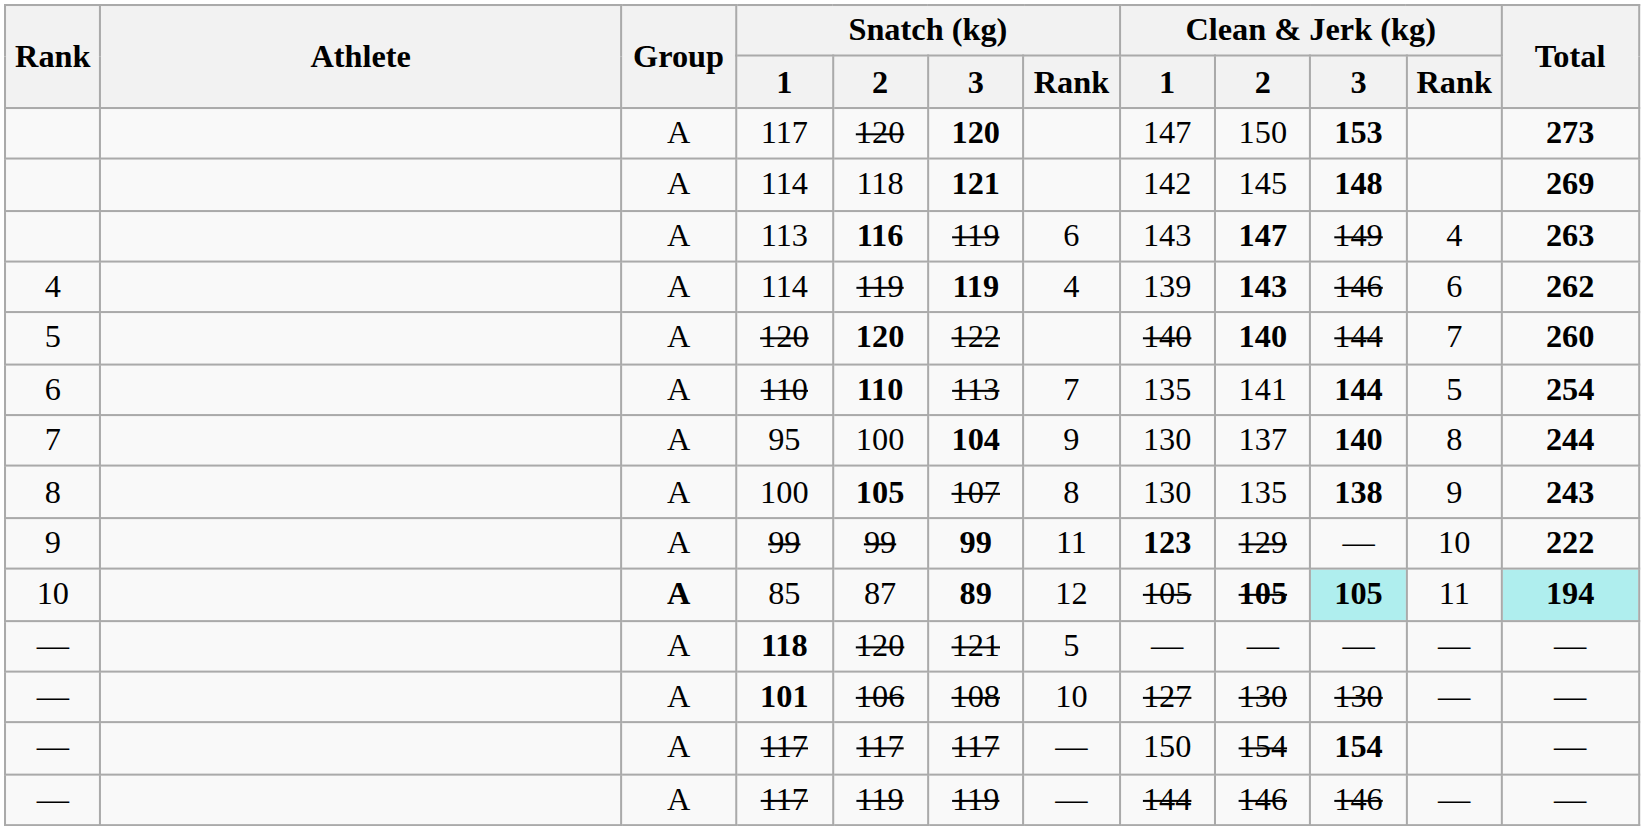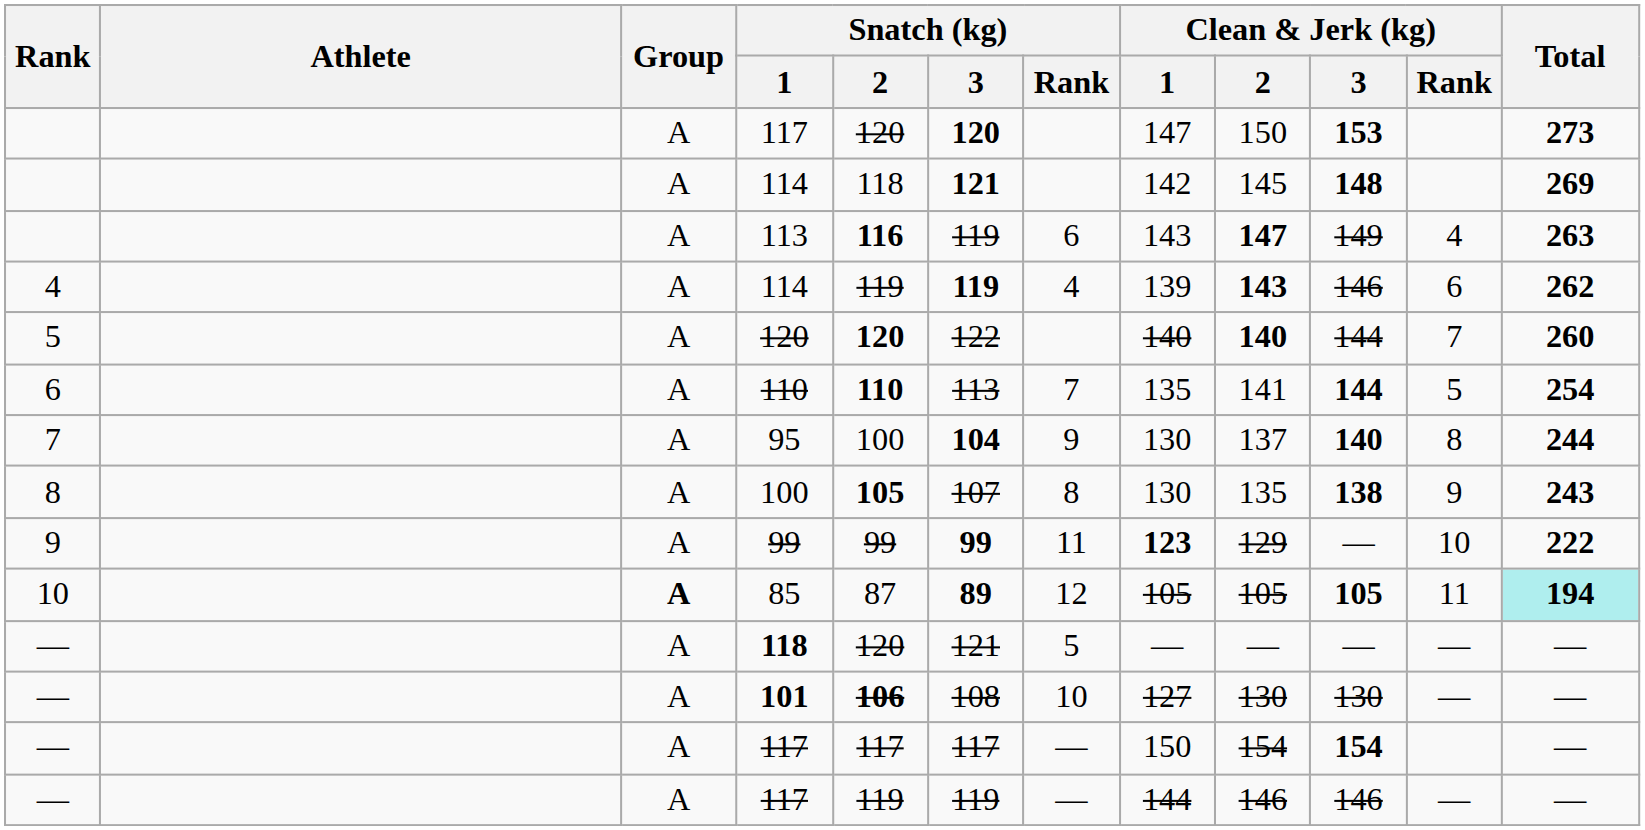 <table class = "wikitable" style="text-align:center;">
 <tr>
 <th rowspan=2 width=40>Rank</th>
 <th rowspan=2 width=250>Athlete</th>
 <th rowspan=2 width=50>Group</th>
 <th colspan=4>Snatch (kg)</th>
 <th colspan=4>Clean & Jerk (kg)</th>
 <th rowspan=2 width=60>Total</th>
 </tr>
 <tr>
 <th width=40>1</th>
 <th width=40>2</th>
 <th width=40>3</th>
 <th width=40>Rank</th>
 <th width=40>1</th>
 <th width=40>2</th>
 <th width=40>3</th>
 <th width=40>Rank</th>
 </tr>
 <tr>
 <td></td>
 <td align=left></td>
 <td>A</td>
 <td>117</td>
 <td><s>120</s></td>
 <td><strong>120</strong></td>
 <td></td>
 <td>147</td>
 <td>150</td>
 <td><strong>153</strong></td>
 <td></td>
 <td><strong>273</strong></td>
 </tr>
 <tr>
 <td></td>
 <td align=left></td>
 <td>A</td>
 <td>114</td>
 <td>118</td>
 <td><strong>121</strong></td>
 <td></td>
 <td>142</td>
 <td>145</td>
 <td><strong>148</strong></td>
 <td></td>
 <td><strong>269</strong></td>
 </tr>
 <tr>
 <td></td>
 <td align=left></td>
 <td>A</td>
 <td>113</td>
 <td><strong>116</strong></td>
 <td><s>119</s></td>
 <td>6</td>
 <td>143</td>
 <td><strong>147</strong></td>
 <td><s>149</s></td>
 <td>4</td>
 <td><strong>263</strong></td>
 </tr>
 <tr>
 <td>4</td>
 <td align=left></td>
 <td>A</td>
 <td>114</td>
 <td><s>119</s></td>
 <td><strong>119</strong></td>
 <td>4</td>
 <td>139</td>
 <td><strong>143</strong></td>
 <td><s>146</s></td>
 <td>6</td>
 <td><strong>262</strong></td>
 </tr>
 <tr>
 <td>5</td>
 <td align=left></td>
 <td>A</td>
 <td><s>120</s></td>
 <td><strong>120</strong></td>
 <td><s>122</s></td>
 <td></td>
 <td><s>140</s></td>
 <td><strong>140</strong></td>
 <td><s>144</s></td>
 <td>7</td>
 <td><strong>260</strong></td>
 </tr>
 <tr>
 <td>6</td>
 <td align=left></td>
 <td>A</td>
 <td><s>110</s></td>
 <td><strong>110</strong></td>
 <td><s>113</s></td>
 <td>7</td>
 <td>135</td>
 <td>141</td>
 <td><strong>144</strong></td>
 <td>5</td>
 <td><strong>254</strong></td>
 </tr>
 <tr>
 <td>7</td>
 <td align=left></td>
 <td>A</td>
 <td>95</td>
 <td>100</td>
 <td><strong>104</strong></td>
 <td>9</td>
 <td>130</td>
 <td>137</td>
 <td><strong>140</strong></td>
 <td>8</td>
 <td><strong>244</strong></td>
 </tr>
 <tr>
 <td>8</td>
 <td align=left></td>
 <td>A</td>
 <td>100</td>
 <td><strong>105</strong></td>
 <td><s>107</s></td>
 <td>8</td>
 <td>130</td>
 <td>135</td>
 <td><strong>138</strong></td>
 <td>9</td>
 <td><strong>243</strong></td>
 </tr>
 <tr>
 <td>9</td>
 <td align=left></td>
 <td>A</td>
 <td><s>99</s></td>
 <td><s>99</s></td>
 <td><strong>99</strong></td>
 <td>11</td>
 <td><strong>123</strong></td>
 <td><s>129</s></td>
 <td>—</td>
 <td>10</td>
 <td><strong>222</strong></td>
 </tr>
 <tr>
 <td>10</td>
 <td align=left></td>
 <td><strong>A</strong></td>
 <td>85</td>
 <td>87</td>
 <td><strong>89</strong></td>
 <td>12</td>
 <td><s>105</s></td>
-<td><strong><s>105</s></strong></td>
-<td style="background: paleturquoise;"><strong>105</strong></td>
+<td><s>105</s></td>
+<td><strong>105</strong></td>
 <td>11</td>
 <td style="background: paleturquoise;"><strong>194</strong></td>
 </tr>
 <tr>
 <td>—</td>
 <td align=left></td>
 <td>A</td>
 <td><strong>118</strong></td>
 <td><s>120</s></td>
 <td><s>121</s></td>
 <td>5</td>
 <td>—</td>
 <td>—</td>
 <td>—</td>
 <td>—</td>
 <td>—</td>
 </tr>
 <tr>
 <td>—</td>
 <td align=left></td>
 <td>A</td>
 <td><strong>101</strong></td>
-<td><s>106</s></td>
+<td><strong><s>106</s></strong></td>
 <td><s>108</s></td>
 <td>10</td>
 <td><s>127</s></td>
 <td><s>130</s></td>
 <td><s>130</s></td>
 <td>—</td>
 <td>—</td>
 </tr>
 <tr>
 <td>—</td>
 <td align=left></td>
 <td>A</td>
 <td><s>117</s></td>
 <td><s>117</s></td>
 <td><s>117</s></td>
 <td>—</td>
 <td>150</td>
 <td><s>154</s></td>
 <td><strong>154</strong></td>
 <td></td>
 <td>—</td>
 </tr>
 <tr>
 <td>—</td>
 <td align=left></td>
 <td>A</td>
 <td><s>117</s></td>
 <td><s>119</s></td>
 <td><s>119</s></td>
 <td>—</td>
 <td><s>144</s></td>
 <td><s>146</s></td>
 <td><s>146</s></td>
 <td>—</td>
 <td>—</td>
 </tr>
 </table>
